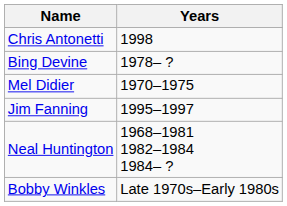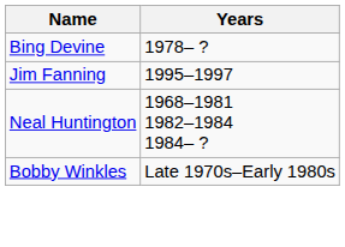 <table class="wikitable">
 <tr>
 <th>Name</th>
 <th>Years</th>
 </tr>
 <tr>
-<td><a href='#'>Chris Antonetti</a></td>
-<td>1998</td>
-</tr>
-<tr>
 <td><a href='#'>Bing Devine</a></td>
 <td>1978– ?</td>
-</tr>
-<tr>
-<td><a href='#'>Mel Didier</a></td>
-<td>1970–1975</td>
 </tr>
 <tr>
 <td><a href='#'>Jim Fanning</a></td>
 <td>1995–1997</td>
 </tr>
 <tr>
 <td><a href='#'>Neal Huntington</a></td>
 <td>1968–1981<br>1982–1984<br>1984– ?</td>
 </tr>
 <tr>
 <td><a href='#'>Bobby Winkles</a></td>
 <td>Late 1970s–Early 1980s</td>
 </tr>
 </table>
